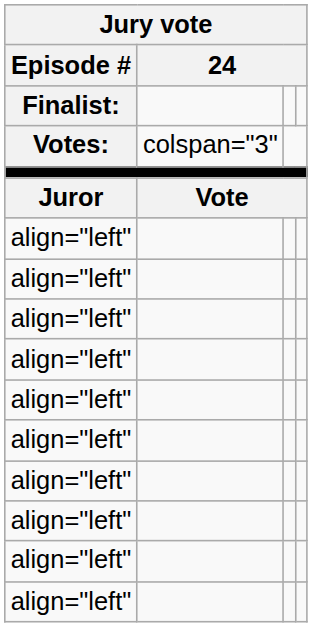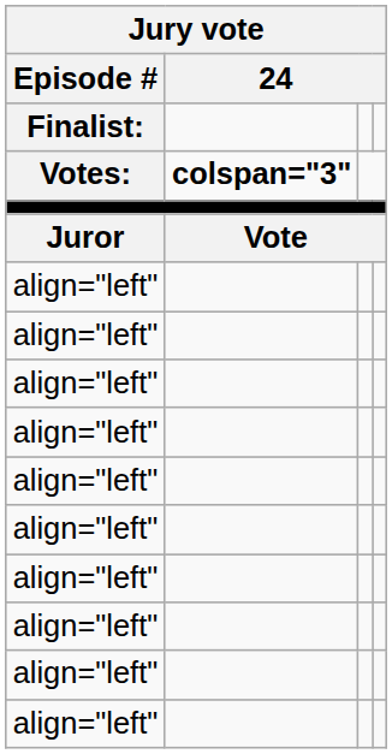 <table class="wikitable" style="text-align:center">
 <tr>
 <th colspan=4>Jury vote</th>
 </tr>
 <tr>
 <th>Episode #</th>
 <th colspan="3">24</th>
 </tr>
 <tr>
 <th align="left">Finalist:</th>
 <td></td>
 <td></td>
 <td></td>
 </tr>
 <tr>
 <th>Votes:</th>
-<td>colspan="3" </td>
+<td><strong>colspan="3" </strong></td>
 </tr>
 <tr>
 <th colspan="5" style="background:black;"></th>
 </tr>
 <tr>
 <th>Juror</th>
 <th colspan=3>Vote</th>
 </tr>
 <tr>
 <td>align="left" </td>
 <td></td>
 <td></td>
 <td></td>
 </tr>
 <tr>
 <td>align="left" </td>
 <td></td>
 <td></td>
 <td></td>
 </tr>
 <tr>
 <td>align="left" </td>
 <td></td>
 <td></td>
 <td></td>
 </tr>
 <tr>
 <td>align="left" </td>
 <td></td>
 <td></td>
 <td></td>
 </tr>
 <tr>
 <td>align="left" </td>
 <td></td>
 <td></td>
 <td></td>
 </tr>
 <tr>
 <td>align="left" </td>
 <td></td>
 <td></td>
 <td></td>
 </tr>
 <tr>
 <td>align="left" </td>
 <td></td>
 <td></td>
 <td></td>
 </tr>
 <tr>
 <td>align="left" </td>
 <td></td>
 <td></td>
 <td></td>
 </tr>
 <tr>
 <td>align="left" </td>
 <td></td>
 <td></td>
 <td></td>
 </tr>
 <tr>
 <td>align="left" </td>
 <td></td>
 <td></td>
 <td></td>
 </tr>
 </table>
